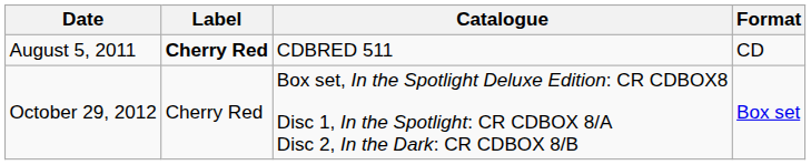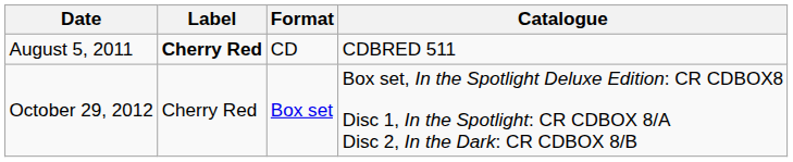 <table class="wikitable">
 <tr>
 <th>Date</th>
 <th>Label</th>
+<th>Format</th>
 <th>Catalogue</th>
-<th>Format</th>
 </tr>
 <tr>
 <td>August 5, 2011</td>
 <td><strong>Cherry Red</strong></td>
+<td>CD</td>
 <td>CDBRED 511</td>
-<td>CD</td>
 </tr>
 <tr>
 <td>October 29, 2012</td>
 <td>Cherry Red</td>
+<td><a href='#'>Box set</a></td>
 <td>Box set, <em>In the Spotlight Deluxe Edition</em>: CR CDBOX8<br><br>Disc 1, <em>In the Spotlight</em>: CR CDBOX 8/A<br> Disc 2, <em>In the Dark</em>: CR CDBOX 8/B</td>
-<td><a href='#'>Box set</a></td>
 </tr>
 </table>
